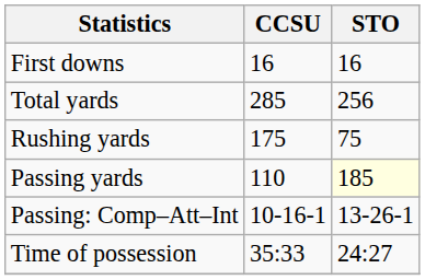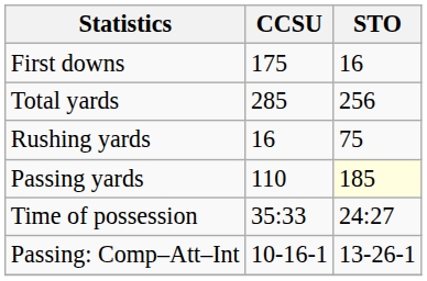 <table class="wikitable" style="float: left;">
 <tr>
 <th>Statistics</th>
 <th>CCSU</th>
 <th>STO</th>
 </tr>
 <tr>
 <td>First downs</td>
-<td>16</td>
+<td>175</td>
 <td>16</td>
 </tr>
 <tr>
 <td>Total yards</td>
 <td>285</td>
 <td>256</td>
 </tr>
 <tr>
 <td>Rushing yards</td>
-<td>175</td>
+<td>16</td>
 <td>75</td>
 </tr>
 <tr>
 <td>Passing yards</td>
 <td>110</td>
 <td style="background: lightyellow;">185</td>
 </tr>
 <tr>
+<td>Time of possession</td>
+<td>35:33</td>
+<td>24:27</td>
+</tr>
+<tr>
 <td>Passing: Comp–Att–Int</td>
 <td>10-16-1</td>
 <td>13-26-1</td>
 </tr>
 <tr>
-<td>Time of possession</td>
-<td>35:33</td>
-<td>24:27</td>
-</tr>
-<tr>
 </tr>
 </table>
